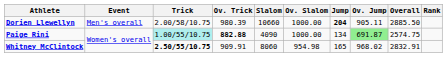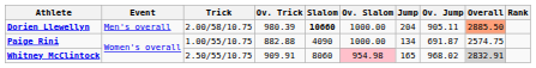 <table class="wikitable" style="font-size:90%">
 <tr>
 <th>Athlete</th>
 <th>Event</th>
 <th>Trick</th>
 <th>Ov. Trick</th>
 <th>Slalom</th>
 <th>Ov. Slalom</th>
 <th>Jump</th>
 <th>Ov. Jump</th>
 <th>Overall</th>
 <th>Rank</th>
 </tr>
 <tr align=center>
 <td align=left><strong><a href='#'>Dorien Llewellyn</a></strong></td>
 <td align=left><a href='#'>Men's overall</a></td>
 <td>2.00/58/10.75</td>
 <td>980.39</td>
-<td>10660</td>
+<td><strong>10660</strong></td>
 <td>1000.00</td>
-<td><strong>204</strong></td>
+<td>204</td>
 <td>905.11</td>
-<td>2885.50</td>
+<td style="background: lightsalmon;">2885.50</td>
 <td></td>
 </tr>
 <tr align=center>
 <td align=left><strong><a href='#'>Paige Rini</a></strong></td>
 <td align=left rowspan=2><a href='#'>Women's overall</a></td>
-<td style="background: paleturquoise;">1.00/55/10.75</td>
-<td><strong>882.88</strong></td>
+<td>1.00/55/10.75</td>
+<td>882.88</td>
 <td>4090</td>
 <td>1000.00</td>
 <td>134</td>
-<td style="background: lightgreen;">691.87</td>
+<td>691.87</td>
 <td>2574.75</td>
 <td></td>
 </tr>
 <tr align=center>
 <td align=left><strong><a href='#'>Whitney McClintock</a></strong></td>
-<td><strong>2.50/55/10.75</strong></td>
+<td>2.50/55/10.75</td>
 <td>909.91</td>
 <td>8060</td>
-<td>954.98</td>
+<td style="background: pink;">954.98</td>
 <td>165</td>
 <td>968.02</td>
-<td>2832.91</td>
+<td style="background: lightgrey;">2832.91</td>
 <td></td>
 </tr>
 </table>
